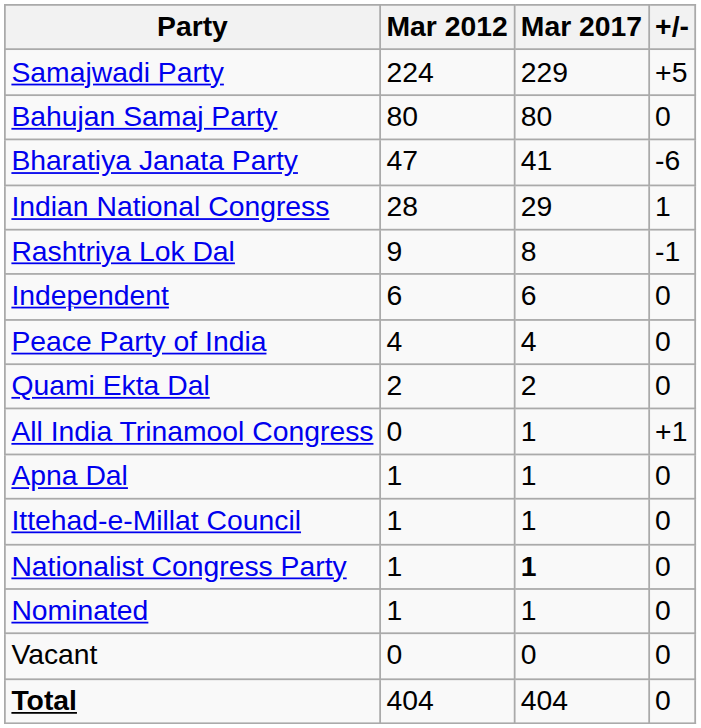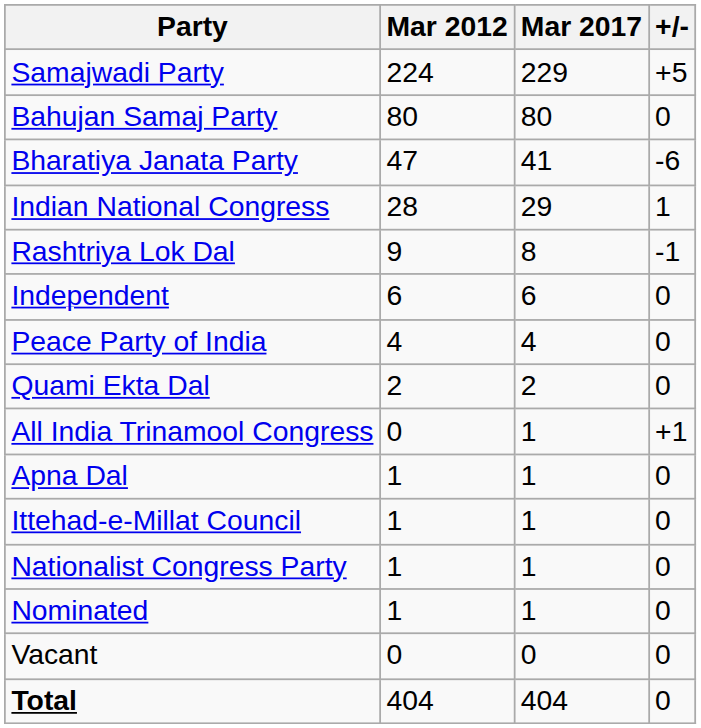 <table class="wikitable sortable">
 <tr>
 <th>Party</th>
 <th>Mar 2012</th>
 <th>Mar 2017</th>
 <th>+/-</th>
 </tr>
 <tr>
 <td><a href='#'>Samajwadi Party</a></td>
 <td>224</td>
 <td>229</td>
 <td>+5</td>
 </tr>
 <tr>
 <td><a href='#'>Bahujan Samaj Party</a></td>
 <td>80</td>
 <td>80</td>
 <td>0</td>
 </tr>
 <tr>
 <td><a href='#'>Bharatiya Janata Party</a></td>
 <td>47</td>
 <td>41</td>
 <td>-6</td>
 </tr>
 <tr>
 <td><a href='#'>Indian National Congress</a></td>
 <td>28</td>
 <td>29</td>
 <td>1</td>
 </tr>
 <tr>
 <td><a href='#'>Rashtriya Lok Dal</a></td>
 <td>9</td>
 <td>8</td>
 <td>-1</td>
 </tr>
 <tr>
 <td><a href='#'>Independent</a></td>
 <td>6</td>
 <td>6</td>
 <td>0</td>
 </tr>
 <tr>
 <td><a href='#'>Peace Party of India</a></td>
 <td>4</td>
 <td>4</td>
 <td>0</td>
 </tr>
 <tr>
 <td><a href='#'>Quami Ekta Dal</a></td>
 <td>2</td>
 <td>2</td>
 <td>0</td>
 </tr>
 <tr>
 <td><a href='#'>All India Trinamool Congress</a></td>
 <td>0</td>
 <td>1</td>
 <td>+1</td>
 </tr>
 <tr>
 <td><a href='#'>Apna Dal</a></td>
 <td>1</td>
 <td>1</td>
 <td>0</td>
 </tr>
 <tr>
 <td><a href='#'>Ittehad-e-Millat Council</a></td>
 <td>1</td>
 <td>1</td>
 <td>0</td>
 </tr>
 <tr>
 <td><a href='#'>Nationalist Congress Party</a></td>
 <td>1</td>
-<td><strong>1</strong></td>
+<td>1</td>
 <td>0</td>
 </tr>
 <tr>
 <td><a href='#'>Nominated</a></td>
 <td>1</td>
 <td>1</td>
 <td>0</td>
 </tr>
 <tr>
 <td>Vacant</td>
 <td>0</td>
 <td>0</td>
 <td>0</td>
 </tr>
 <tr>
 <td><strong><u>Total</u></strong></td>
 <td>404</td>
 <td>404</td>
 <td>0</td>
 </tr>
 <tr>
 </tr>
 </table>
